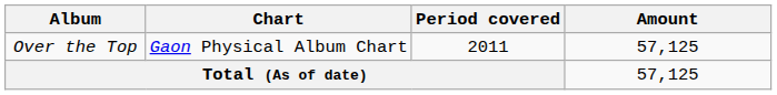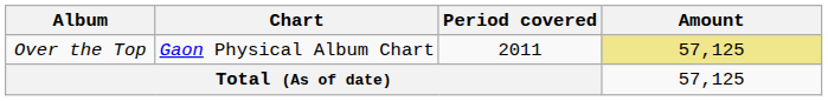 <table class="wikitable">
 <tr>
 <th width='100'>Album</th>
 <th>Chart</th>
 <th>Period covered</th>
 <th style="width:150px;">Amount</th>
 </tr>
 <tr>
 <td align="center"><em>Over the Top</em></td>
 <td align="center"><em><a href='#'>Gaon</a></em> Physical Album Chart</td>
 <td align="center">2011</td>
-<td align="center">57,125</td>
+<td align="center" style="background: khaki;">57,125</td>
 </tr>
 <tr>
 <th colspan='3'>Total <small>(As of date)</small></th>
 <td align="center">57,125</td>
 </tr>
 </table>
